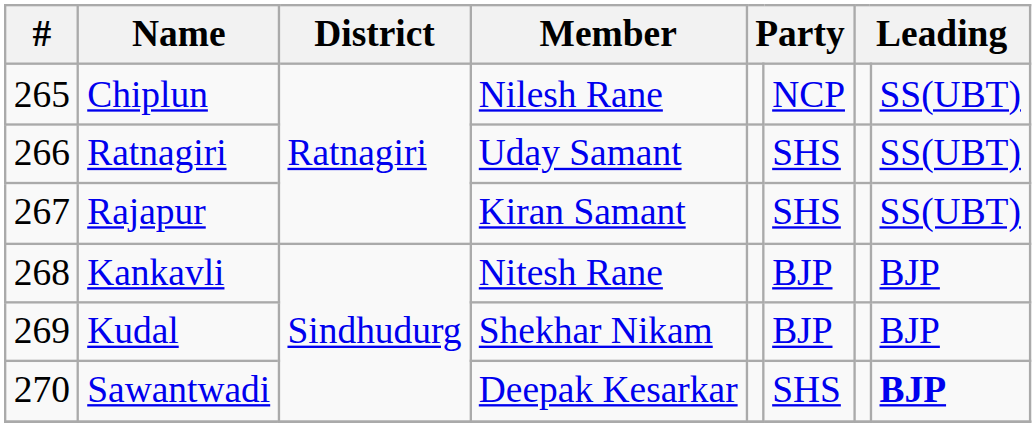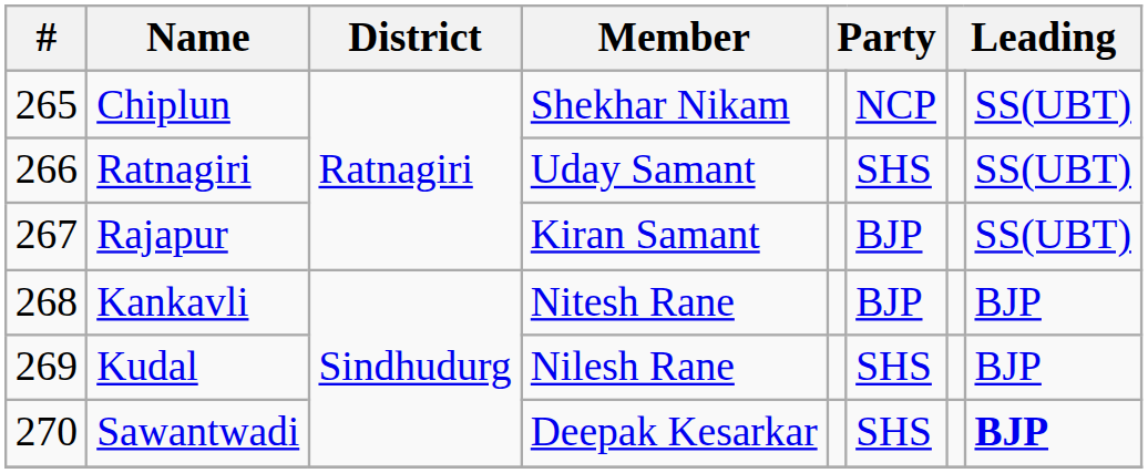 <table class="wikitable">
 <tr>
 <th>#</th>
 <th>Name</th>
 <th>District</th>
 <th>Member</th>
 <th colspan="2">Party</th>
 <th colspan=2>Leading<br></th>
 </tr>
 <tr>
 <td>265</td>
 <td><a href='#'>Chiplun</a></td>
 <td rowspan="3"><a href='#'>Ratnagiri</a></td>
-<td><a href='#'>Nilesh Rane</a></td>
+<td><a href='#'>Shekhar Nikam</a></td>
 <td style="background-color: "></td>
 <td><a href='#'>NCP</a></td>
 <td style="background-color: "></td>
 <td><a href='#'>SS(UBT)</a></td>
 </tr>
 <tr>
 <td>266</td>
 <td><a href='#'>Ratnagiri</a></td>
 <td><a href='#'>Uday Samant</a></td>
 <td style="background-color:"></td>
 <td><a href='#'>SHS</a></td>
 <td style="background-color: "></td>
 <td><a href='#'>SS(UBT)</a></td>
 </tr>
 <tr>
 <td>267</td>
 <td><a href='#'>Rajapur</a></td>
 <td><a href='#'>Kiran Samant</a></td>
 <td style="background-color:"></td>
-<td><a href='#'>SHS</a></td>
+<td><a href='#'>BJP</a></td>
 <td style="background-color: "></td>
 <td><a href='#'>SS(UBT)</a></td>
 </tr>
 <tr>
 <td>268</td>
 <td><a href='#'>Kankavli</a></td>
 <td rowspan="3"><a href='#'>Sindhudurg</a></td>
 <td><a href='#'>Nitesh Rane</a></td>
 <td style="background-color: "></td>
 <td><a href='#'>BJP</a></td>
 <td style="background-color: "></td>
 <td><a href='#'>BJP</a></td>
 </tr>
 <tr>
 <td>269</td>
 <td><a href='#'>Kudal</a></td>
-<td><a href='#'>Shekhar Nikam</a></td>
+<td><a href='#'>Nilesh Rane</a></td>
 <td style="background-color:"></td>
-<td><a href='#'>BJP</a></td>
+<td><a href='#'>SHS</a></td>
 <td style="background-color: "></td>
 <td><a href='#'>BJP</a></td>
 </tr>
 <tr>
 <td>270</td>
 <td><a href='#'>Sawantwadi</a></td>
 <td><a href='#'>Deepak Kesarkar</a></td>
 <td style="background-color:"></td>
 <td><a href='#'>SHS</a></td>
 <td style="background-color: "></td>
 <td><strong><a href='#'>BJP</a></strong></td>
 </tr>
 <tr>
 </tr>
 </table>
